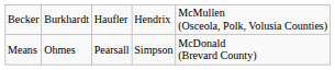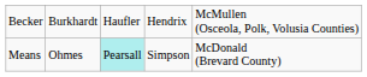 <table class="wikitable" style="margin:1em auto;">
 <tr>
 <td>Becker</td>
 <td>Burkhardt</td>
 <td>Haufler</td>
 <td>Hendrix</td>
 <td>McMullen <br>(Osceola, Polk, Volusia Counties)</td>
 </tr>
 <tr>
 <td>Means</td>
 <td>Ohmes</td>
-<td>Pearsall</td>
+<td style="background: paleturquoise;">Pearsall</td>
 <td>Simpson</td>
 <td>McDonald <br>(Brevard County)</td>
 </tr>
 </table>
